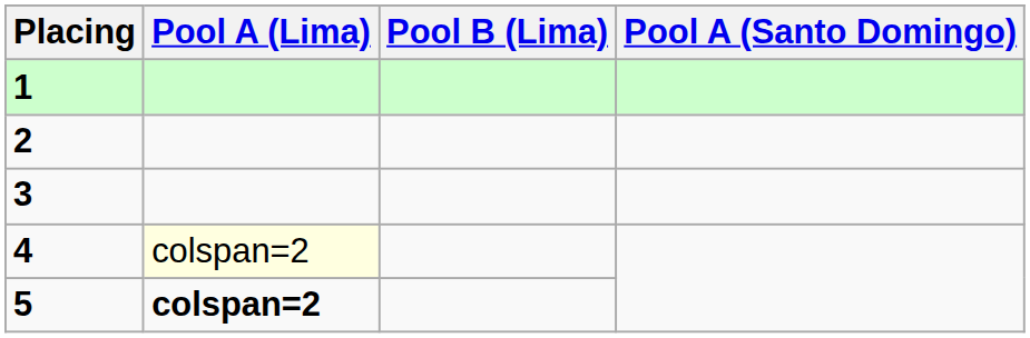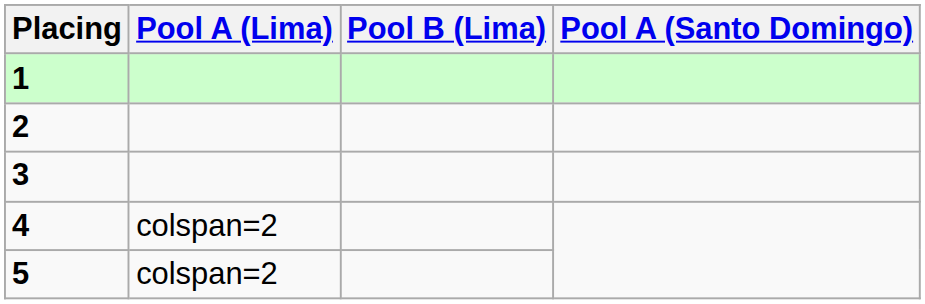 <table class=wikitable style="border:1px solid #AAAAAA;">
 <tr>
 <th>Placing</th>
 <th><a href='#'>Pool A (Lima)</a></th>
 <th><a href='#'>Pool B (Lima)</a></th>
 <th><a href='#'>Pool A (Santo Domingo)</a></th>
 </tr>
 <tr style="background: #ccffcc;">
 <td><strong>1</strong></td>
 <td></td>
 <td></td>
 <td></td>
 </tr>
 <tr>
 <td><strong>2</strong></td>
 <td></td>
 <td></td>
 <td></td>
 </tr>
 <tr>
 <td><strong>3</strong></td>
 <td></td>
 <td></td>
 <td></td>
 </tr>
 <tr>
 <td><strong>4</strong></td>
-<td style="background: lightyellow;">colspan=2 </td>
+<td>colspan=2 </td>
 <td></td>
 </tr>
 <tr>
 <td><strong>5</strong></td>
-<td><strong>colspan=2 </strong></td>
+<td>colspan=2 </td>
 <td></td>
 </tr>
 </table>
